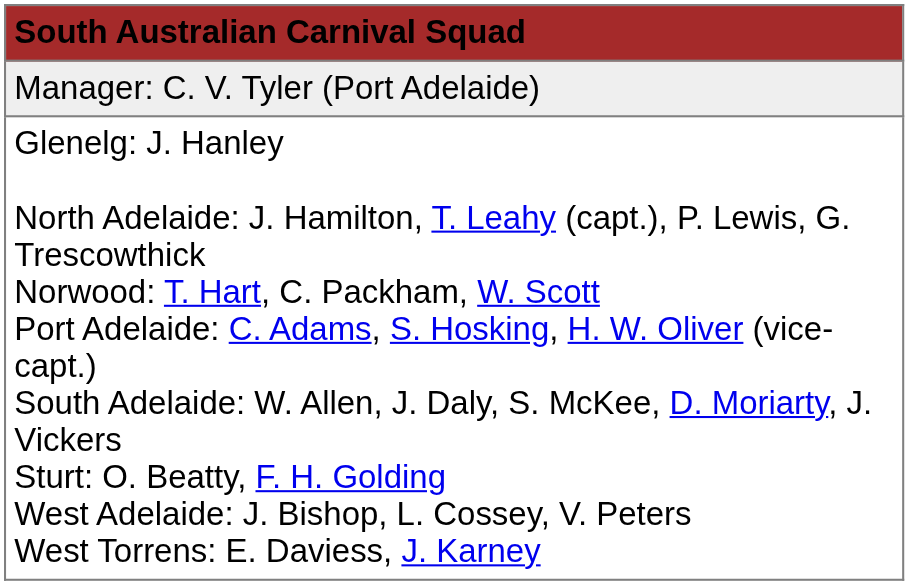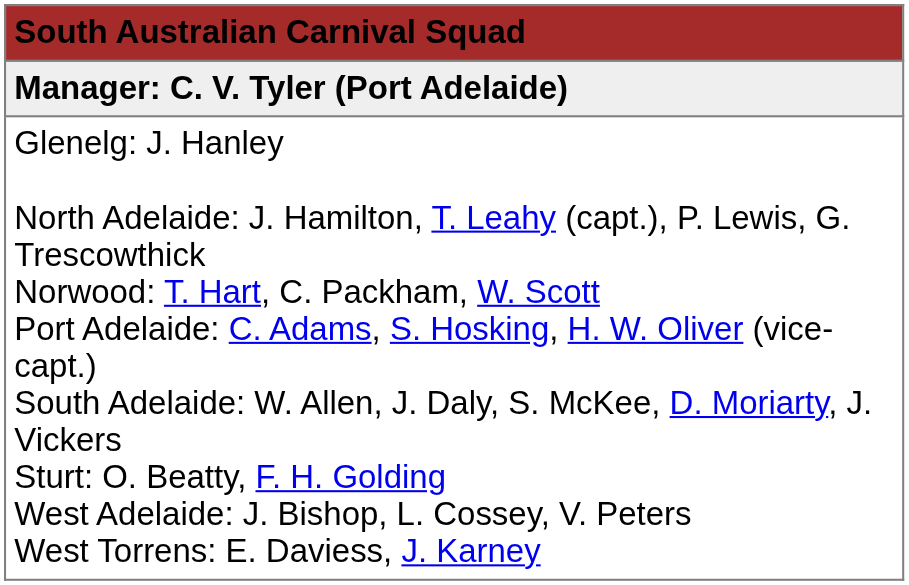 <table border="1" cellpadding="4" cellspacing="0"  style="text-align:left; font-size:100%; border-collapse:collapse; width:70%;">
 <tr style="background:brown;">
 <th colspan=2><span>South Australian Carnival Squad</span></th>
 </tr>
 <tr style="background:#efefef;">
-<td>Manager: C. V. Tyler (Port Adelaide)</td>
+<td><strong>Manager: C. V. Tyler (Port Adelaide)</strong></td>
 </tr>
 <tr>
 <td>Glenelg: J. Hanley<br><br>North Adelaide: J. Hamilton, <a href='#'>T. Leahy</a> (capt.), P. Lewis, G. Trescowthick<br> Norwood: <a href='#'>T. Hart</a>, C. Packham, <a href='#'>W. Scott</a><br> Port Adelaide: <a href='#'>C. Adams</a>, <a href='#'>S. Hosking</a>, <a href='#'>H. W. Oliver</a> (vice-capt.)<br> South Adelaide: W. Allen, J. Daly, S. McKee, <a href='#'>D. Moriarty</a>, J. Vickers<br> Sturt: O. Beatty, <a href='#'>F. H. Golding</a><br> West Adelaide: J. Bishop, L. Cossey, V. Peters<br> West Torrens: E. Daviess, <a href='#'>J. Karney</a></td>
 </tr>
 </table>
